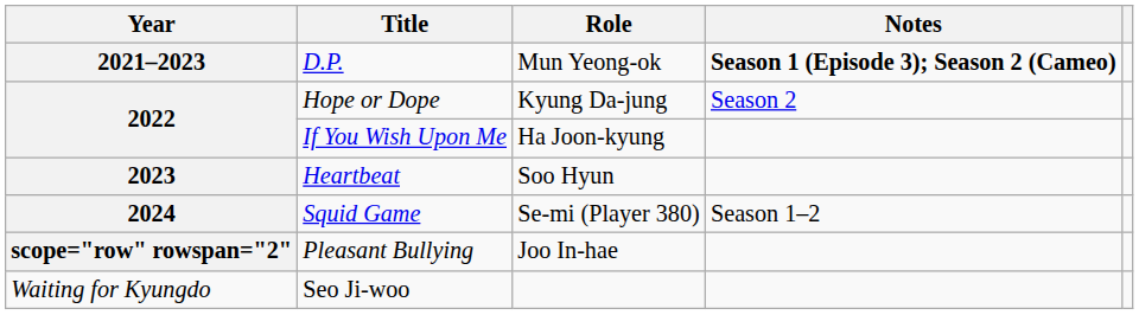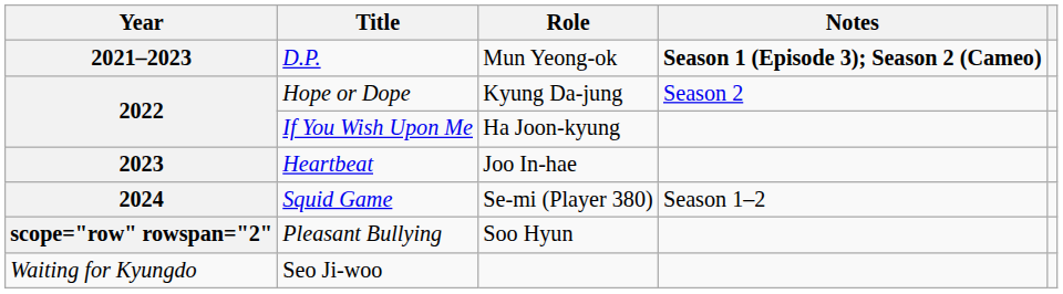 <table class="wikitable plainrowheaders sortable">
 <tr>
 <th scope="col">Year</th>
 <th scope="col">Title</th>
 <th scope="col">Role</th>
 <th scope="col" class="unsortable">Notes</th>
 <th scope="col" class="unsortable"></th>
 </tr>
 <tr>
 <th scope="row">2021–2023</th>
 <td><a href='#'><em>D.P.</em></a></td>
 <td>Mun Yeong-ok</td>
 <td><strong>Season 1 (Episode 3); Season 2 (Cameo)</strong></td>
 <td style="text-align:center"></td>
 </tr>
 <tr>
 <th scope="row" rowspan="2">2022</th>
 <td><em>Hope or Dope</em></td>
 <td>Kyung Da-jung</td>
 <td><a href='#'>Season 2</a></td>
 <td style="text-align:center"></td>
 </tr>
 <tr>
 <td><em><a href='#'>If You Wish Upon Me</a></em></td>
 <td>Ha Joon-kyung</td>
 <td></td>
 <td style="text-align:center"></td>
 </tr>
 <tr>
 <th scope="row">2023</th>
 <td><em><a href='#'>Heartbeat</a></em></td>
-<td>Soo Hyun</td>
+<td>Joo In-hae</td>
 <td></td>
 <td style="text-align:center"></td>
 </tr>
 <tr>
 <th scope="row">2024</th>
 <td><em><a href='#'>Squid Game</a></em></td>
 <td>Se-mi (Player 380)</td>
 <td>Season 1–2</td>
 <td style="text-align:center"></td>
 </tr>
 <tr>
 <th>scope="row" rowspan="2" </th>
 <td><em>Pleasant Bullying</em></td>
-<td>Joo In-hae</td>
+<td>Soo Hyun</td>
 <td></td>
 <td style="text-align:center"></td>
 </tr>
 <tr>
 <td><em>Waiting for Kyungdo</em></td>
 <td>Seo Ji-woo</td>
 <td></td>
 <td style="text-align:center"></td>
 </tr>
 </table>
